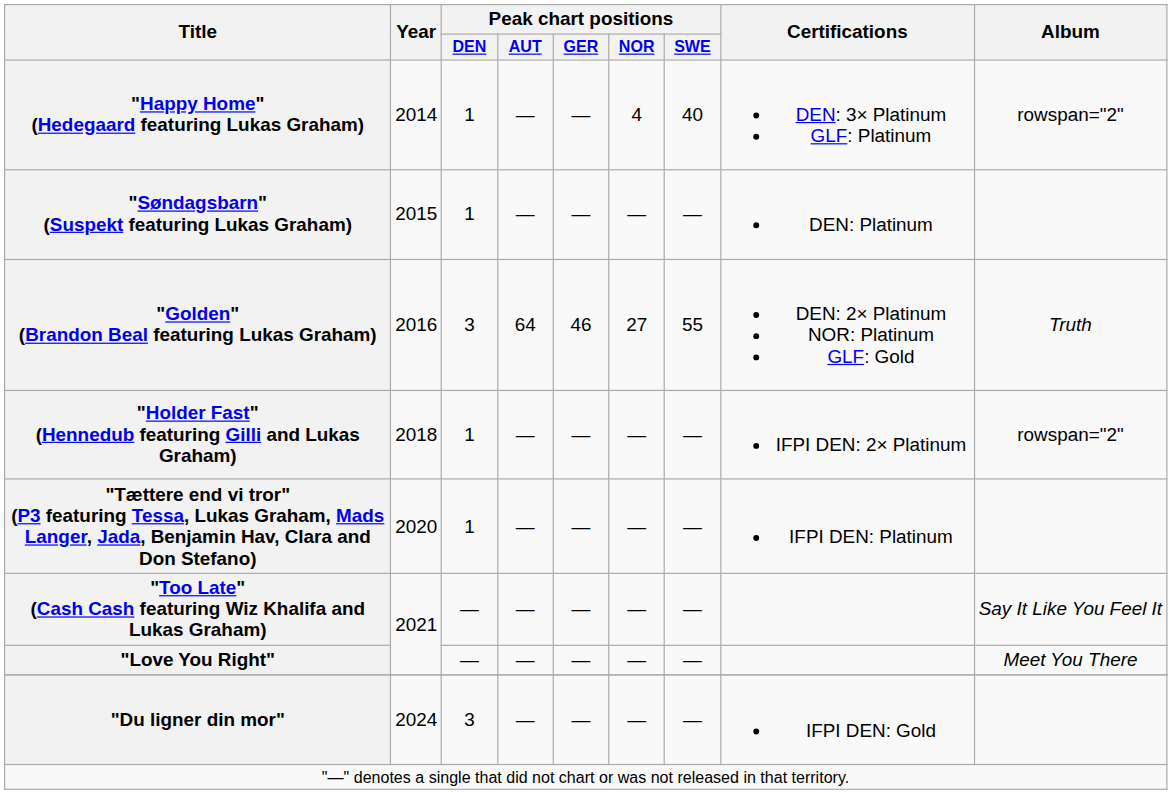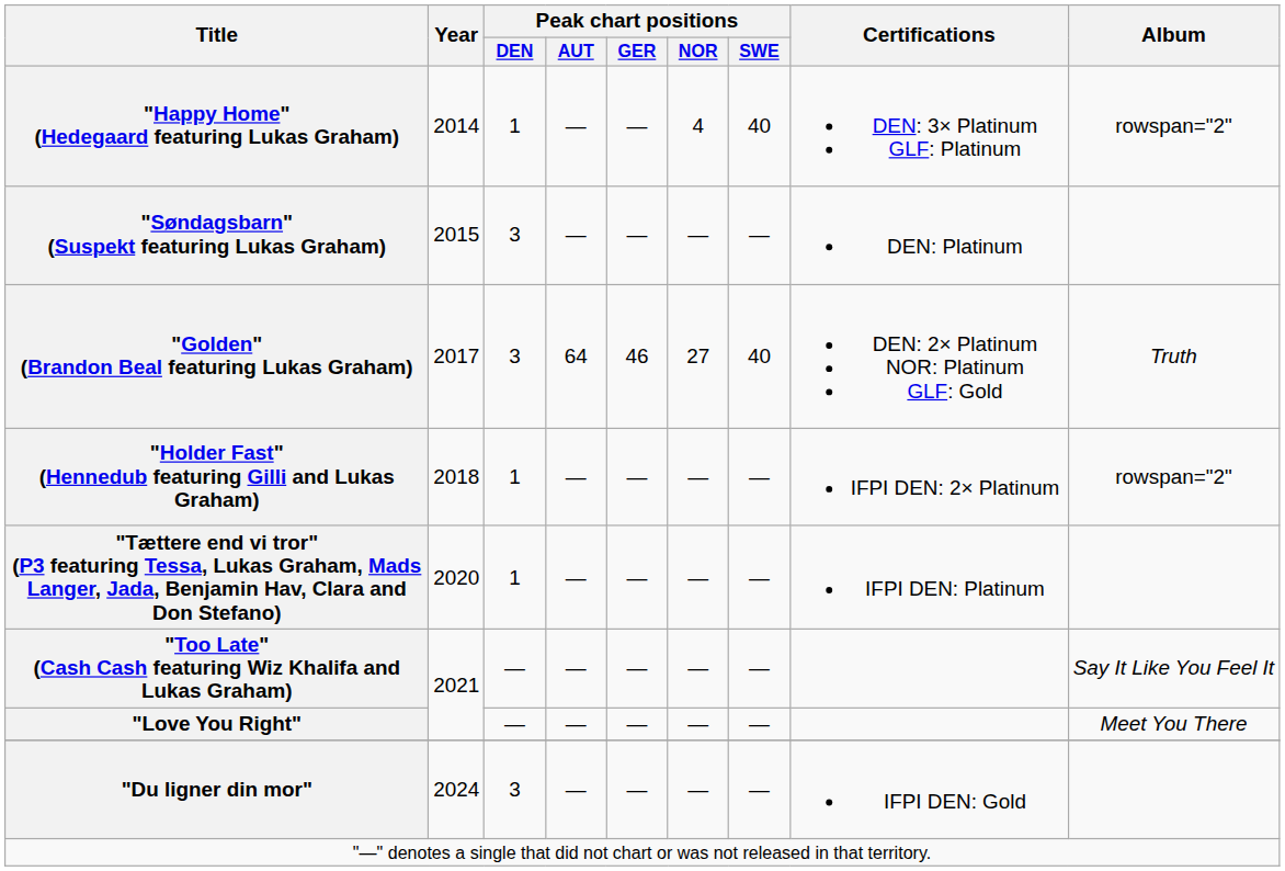 <table class="wikitable plainrowheaders" style="text-align:center;">
 <tr>
 <th scope="col" rowspan="2" style="width:20em;">Title</th>
 <th scope="col" rowspan="2" style="width:1em;">Year</th>
 <th scope="col" colspan="5">Peak chart positions</th>
 <th scope="col" rowspan="2" style="width:13em;">Certifications</th>
 <th scope="col" rowspan="2">Album</th>
 </tr>
 <tr>
 <th scope="col" style="width:3em;font-size:85%;"><a href='#'>DEN</a><br></th>
 <th scope="col" style="width:3em;font-size:85%;"><a href='#'>AUT</a><br></th>
 <th scope="col" style="width:3em;font-size:85%;"><a href='#'>GER</a><br></th>
 <th scope="col" style="width:3em;font-size:85%;"><a href='#'>NOR</a><br></th>
 <th scope="col" style="width:3em;font-size:85%;"><a href='#'>SWE</a><br></th>
 </tr>
 <tr>
 <th scope="row">"<a href='#'>Happy Home</a>"<br><span>(<a href='#'>Hedegaard</a> featuring Lukas Graham)</span></th>
 <td>2014</td>
 <td>1</td>
 <td>—</td>
 <td>—</td>
 <td>4</td>
 <td>40</td>
 <td><br><ul><li><a href='#'>DEN</a>: 3× Platinum</li><li><a href='#'>GLF</a>: Platinum</li></ul></td>
 <td>rowspan="2" </td>
 </tr>
 <tr>
 <th scope="row">"<a href='#'>Søndagsbarn</a>"<br><span>(<a href='#'>Suspekt</a> featuring Lukas Graham)</span></th>
 <td>2015</td>
-<td>1<br></td>
+<td>3</td>
 <td>—</td>
 <td>—</td>
 <td>—</td>
 <td>—</td>
 <td><br><ul><li>DEN: Platinum</li></ul></td>
 </tr>
 <tr>
 <th scope="row">"<a href='#'>Golden</a>"<br><span>(<a href='#'>Brandon Beal</a> featuring Lukas Graham)</span></th>
-<td>2016</td>
+<td>2017</td>
 <td>3</td>
 <td>64</td>
 <td>46</td>
 <td>27</td>
-<td>55</td>
+<td>40</td>
 <td><br><ul><li>DEN: 2× Platinum</li><li>NOR: Platinum</li><li><a href='#'>GLF</a>: Gold</li></ul></td>
 <td><em>Truth</em></td>
 </tr>
 <tr>
 <th scope="row">"<a href='#'>Holder Fast</a>"<br><span>(<a href='#'>Hennedub</a> featuring <a href='#'>Gilli</a> and Lukas Graham)</span></th>
 <td>2018</td>
 <td>1</td>
 <td>—</td>
 <td>—</td>
 <td>—</td>
 <td>—</td>
 <td><br><ul><li>IFPI DEN: 2× Platinum</li></ul></td>
 <td>rowspan="2" </td>
 </tr>
 <tr>
 <th scope="row">"Tættere end vi tror"<br><span>(<a href='#'>P3</a> featuring <a href='#'>Tessa</a>, Lukas Graham, <a href='#'>Mads Langer</a>, <a href='#'>Jada</a>, Benjamin Hav, Clara and Don Stefano)</span></th>
 <td>2020</td>
 <td>1</td>
 <td>—</td>
 <td>—</td>
 <td>—</td>
 <td>—</td>
 <td><br><ul><li>IFPI DEN: Platinum</li></ul></td>
 </tr>
 <tr>
 <th scope="row">"<a href='#'>Too Late</a>" <br><span>(<a href='#'>Cash Cash</a> featuring Wiz Khalifa and Lukas Graham)</span></th>
 <td rowspan="2">2021</td>
 <td>—</td>
 <td>—</td>
 <td>—</td>
 <td>—</td>
 <td>—</td>
 <td></td>
 <td><em>Say It Like You Feel It</em></td>
 </tr>
 <tr>
 <th scope="row">"Love You Right"<br></th>
 <td>—</td>
 <td>—</td>
 <td>—</td>
 <td>—</td>
 <td>—</td>
 <td></td>
 <td><em>Meet You There</em></td>
 </tr>
 <tr>
 </tr>
 <tr>
 <th scope="row">"Du ligner din mor"<br></th>
 <td>2024</td>
 <td>3</td>
 <td>—</td>
 <td>—</td>
 <td>—</td>
 <td>—</td>
 <td><br><ul><li>IFPI DEN: Gold</li></ul></td>
 <td></td>
 </tr>
 <tr>
 <td colspan="20" style="text-align:center; font-size:85%;">"—" denotes a single that did not chart or was not released in that territory.</td>
 </tr>
 </table>
